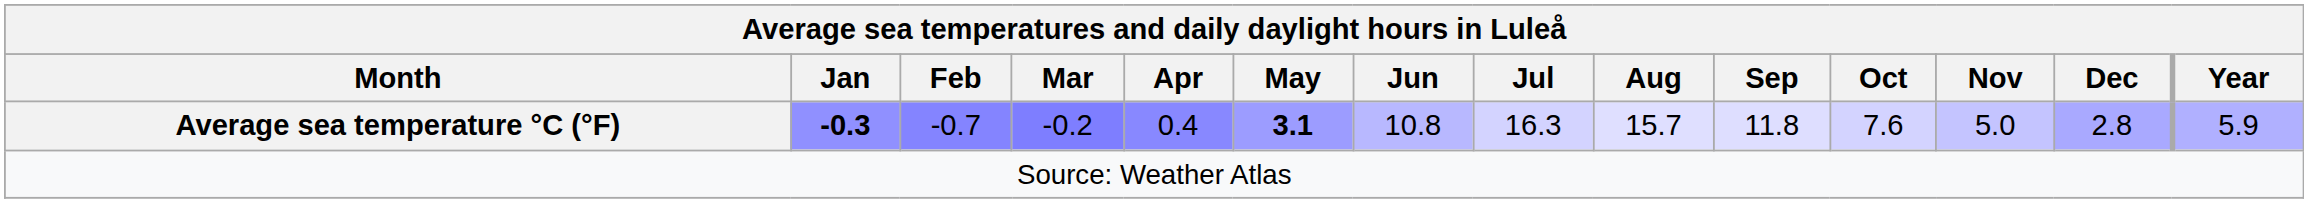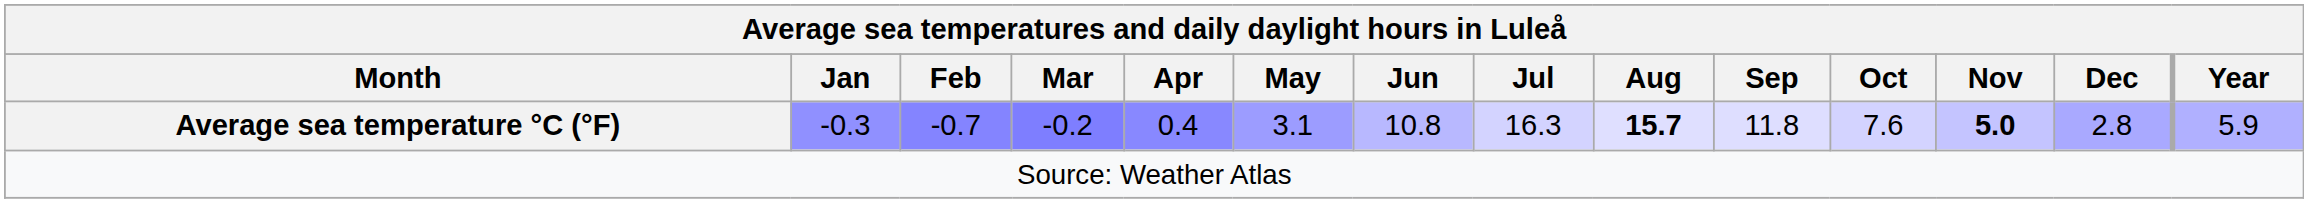 <table style="width:100%;text-align:center;line-height:1.2em;margin-left:auto;margin-right:auto" class="wikitable mw-collapsible">
 <tr>
 <th Colspan=14>Average sea temperatures and daily daylight hours in Luleå</th>
 </tr>
 <tr>
 <th>Month</th>
 <th>Jan</th>
 <th>Feb</th>
 <th>Mar</th>
 <th>Apr</th>
 <th>May</th>
 <th>Jun</th>
 <th>Jul</th>
 <th>Aug</th>
 <th>Sep</th>
 <th>Oct</th>
 <th>Nov</th>
 <th>Dec</th>
 <th style="border-left-width:medium">Year</th>
 </tr>
 <tr>
 <th>Average sea temperature °C (°F)</th>
-<td style="background:#9090FF;color:#000000;"><strong>-0.3<br></strong></td>
+<td style="background:#9090FF;color:#000000;">-0.3<br></td>
 <td style="background:#8484FF;color:#000000;">-0.7<br></td>
 <td style="background:#7E7EFF;color:#000000;">-0.2<br></td>
 <td style="background:#8888FF;color:#000000;">0.4<br></td>
-<td style="background:#9C9CFF;color:#000000;"><strong>3.1<br></strong></td>
+<td style="background:#9C9CFF;color:#000000;">3.1<br></td>
 <td style="background:#B8B8FF;color:#000000;">10.8<br></td>
 <td style="background:#D3D3FF;color:#000000;">16.3<br></td>
-<td style="background:#DFDFFF;color:#000000;">15.7<br></td>
+<td style="background:#DFDFFF;color:#000000;"><strong>15.7<br></strong></td>
 <td style="background:#DEDEFF;color:#000000;">11.8<br></td>
 <td style="background:#D3D3FF;color:#000000;">7.6<br></td>
-<td style="background:#C4C4FF;color:#000000;">5.0<br></td>
+<td style="background:#C4C4FF;color:#000000;"><strong>5.0<br></strong></td>
 <td style="background:#A9A9FF;color:#000000;">2.8<br></td>
 <td style="background:#B0B0FF;color:#000000;border-left-width:medium">5.9<br></td>
 </tr>
 <tr>
 <th Colspan=14 style="background:#f8f9fa;font-weight:normal;font-size:95%;">Source: Weather Atlas</th>
 </tr>
 </table>
